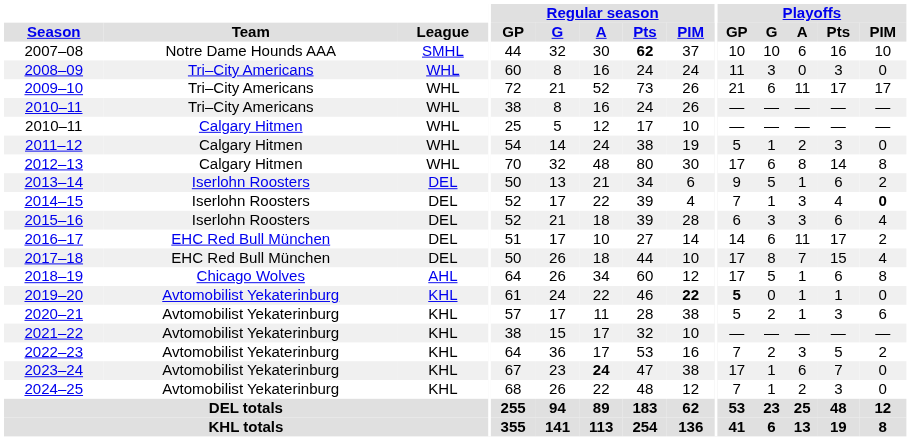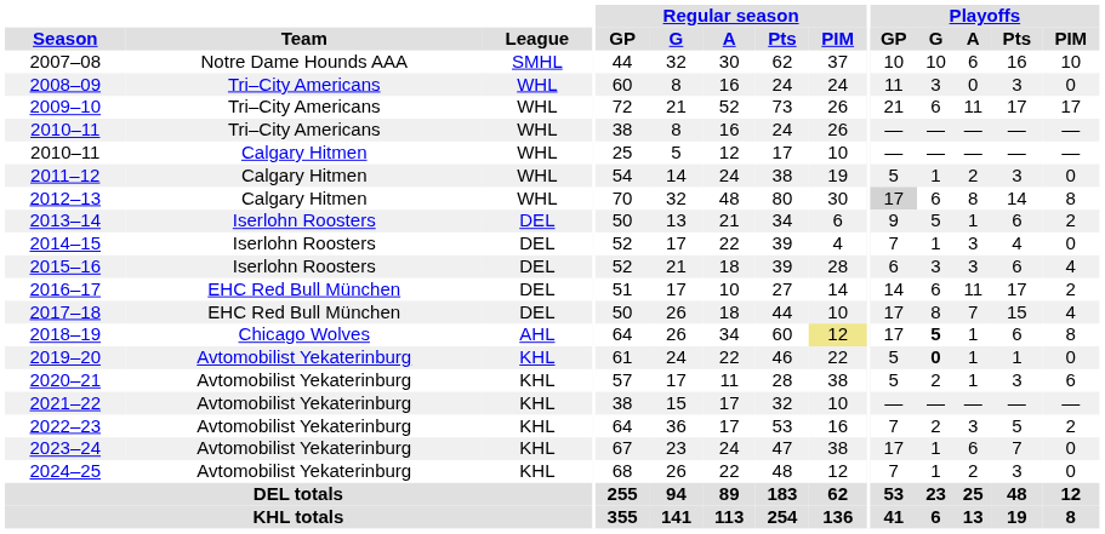 <table border="0" cellpadding="1" cellspacing="0" style="text-align:center; width:60em">
 <tr bgcolor="#e0e0e0">
 <th colspan="3" bgcolor="#ffffff"></th>
 <th rowspan="99" bgcolor="#ffffff"></th>
 <th colspan="5"><a href='#'>Regular season</a></th>
 <th rowspan="99" bgcolor="#ffffff"></th>
 <th colspan="5"><a href='#'>Playoffs</a></th>
 </tr>
 <tr bgcolor="#e0e0e0">
 <th><a href='#'>Season</a></th>
 <th>Team</th>
 <th>League</th>
 <th>GP</th>
 <th><a href='#'>G</a></th>
 <th><a href='#'>A</a></th>
 <th><a href='#'>Pts</a></th>
 <th><a href='#'>PIM</a></th>
 <th>GP</th>
 <th>G</th>
 <th>A</th>
 <th>Pts</th>
 <th>PIM</th>
 </tr>
 <tr>
 <td>2007–08</td>
 <td>Notre Dame Hounds AAA</td>
 <td><a href='#'>SMHL</a></td>
 <td>44</td>
 <td>32</td>
 <td>30</td>
-<td><strong>62</strong></td>
+<td>62</td>
 <td>37</td>
 <td>10</td>
 <td>10</td>
 <td>6</td>
 <td>16</td>
 <td>10</td>
 </tr>
 <tr bgcolor="#f0f0f0">
 <td><a href='#'>2008–09</a></td>
 <td><a href='#'>Tri–City Americans</a></td>
 <td><a href='#'>WHL</a></td>
 <td>60</td>
 <td>8</td>
 <td>16</td>
 <td>24</td>
 <td>24</td>
 <td>11</td>
 <td>3</td>
 <td>0</td>
 <td>3</td>
 <td>0</td>
 </tr>
 <tr>
 <td><a href='#'>2009–10</a></td>
 <td>Tri–City Americans</td>
 <td>WHL</td>
 <td>72</td>
 <td>21</td>
 <td>52</td>
 <td>73</td>
 <td>26</td>
 <td>21</td>
 <td>6</td>
 <td>11</td>
 <td>17</td>
 <td>17</td>
 </tr>
 <tr bgcolor="#f0f0f0">
 <td><a href='#'>2010–11</a></td>
 <td>Tri–City Americans</td>
 <td>WHL</td>
 <td>38</td>
 <td>8</td>
 <td>16</td>
 <td>24</td>
 <td>26</td>
 <td>—</td>
 <td>—</td>
 <td>—</td>
 <td>—</td>
 <td>—</td>
 </tr>
 <tr>
 <td>2010–11</td>
 <td><a href='#'>Calgary Hitmen</a></td>
 <td>WHL</td>
 <td>25</td>
 <td>5</td>
 <td>12</td>
 <td>17</td>
 <td>10</td>
 <td>—</td>
 <td>—</td>
 <td>—</td>
 <td>—</td>
 <td>—</td>
 </tr>
 <tr bgcolor="#f0f0f0">
 <td><a href='#'>2011–12</a></td>
 <td>Calgary Hitmen</td>
 <td>WHL</td>
 <td>54</td>
 <td>14</td>
 <td>24</td>
 <td>38</td>
 <td>19</td>
 <td>5</td>
 <td>1</td>
 <td>2</td>
 <td>3</td>
 <td>0</td>
 </tr>
 <tr>
 <td><a href='#'>2012–13</a></td>
 <td>Calgary Hitmen</td>
 <td>WHL</td>
 <td>70</td>
 <td>32</td>
 <td>48</td>
 <td>80</td>
 <td>30</td>
-<td>17</td>
+<td style="background: lightgrey;">17</td>
 <td>6</td>
 <td>8</td>
 <td>14</td>
 <td>8</td>
 </tr>
 <tr bgcolor="#f0f0f0">
 <td><a href='#'>2013–14</a></td>
 <td><a href='#'>Iserlohn Roosters</a></td>
 <td><a href='#'>DEL</a></td>
 <td>50</td>
 <td>13</td>
 <td>21</td>
 <td>34</td>
 <td>6</td>
 <td>9</td>
 <td>5</td>
 <td>1</td>
 <td>6</td>
 <td>2</td>
 </tr>
 <tr>
 <td><a href='#'>2014–15</a></td>
 <td>Iserlohn Roosters</td>
 <td>DEL</td>
 <td>52</td>
 <td>17</td>
 <td>22</td>
 <td>39</td>
 <td>4</td>
 <td>7</td>
 <td>1</td>
 <td>3</td>
 <td>4</td>
-<td><strong>0</strong></td>
+<td>0</td>
 </tr>
 <tr bgcolor="#f0f0f0">
 <td><a href='#'>2015–16</a></td>
 <td>Iserlohn Roosters</td>
 <td>DEL</td>
 <td>52</td>
 <td>21</td>
 <td>18</td>
 <td>39</td>
 <td>28</td>
 <td>6</td>
 <td>3</td>
 <td>3</td>
 <td>6</td>
 <td>4</td>
 </tr>
 <tr>
 <td><a href='#'>2016–17</a></td>
 <td><a href='#'>EHC Red Bull München</a></td>
 <td>DEL</td>
 <td>51</td>
 <td>17</td>
 <td>10</td>
 <td>27</td>
 <td>14</td>
 <td>14</td>
 <td>6</td>
 <td>11</td>
 <td>17</td>
 <td>2</td>
 </tr>
 <tr bgcolor="#f0f0f0">
 <td><a href='#'>2017–18</a></td>
 <td>EHC Red Bull München</td>
 <td>DEL</td>
 <td>50</td>
 <td>26</td>
 <td>18</td>
 <td>44</td>
 <td>10</td>
 <td>17</td>
 <td>8</td>
 <td>7</td>
 <td>15</td>
 <td>4</td>
 </tr>
 <tr>
 <td><a href='#'>2018–19</a></td>
 <td><a href='#'>Chicago Wolves</a></td>
 <td><a href='#'>AHL</a></td>
 <td>64</td>
 <td>26</td>
 <td>34</td>
 <td>60</td>
-<td>12</td>
+<td style="background: khaki;">12</td>
 <td>17</td>
-<td>5</td>
+<td><strong>5</strong></td>
 <td>1</td>
 <td>6</td>
 <td>8</td>
 </tr>
 <tr bgcolor="#f0f0f0">
 <td><a href='#'>2019–20</a></td>
 <td><a href='#'>Avtomobilist Yekaterinburg</a></td>
 <td><a href='#'>KHL</a></td>
 <td>61</td>
 <td>24</td>
 <td>22</td>
 <td>46</td>
-<td><strong>22</strong></td>
-<td><strong>5</strong></td>
-<td>0</td>
+<td>22</td>
+<td>5</td>
+<td><strong>0</strong></td>
 <td>1</td>
 <td>1</td>
 <td>0</td>
 </tr>
 <tr>
 <td><a href='#'>2020–21</a></td>
 <td>Avtomobilist Yekaterinburg</td>
 <td>KHL</td>
 <td>57</td>
 <td>17</td>
 <td>11</td>
 <td>28</td>
 <td>38</td>
 <td>5</td>
 <td>2</td>
 <td>1</td>
 <td>3</td>
 <td>6</td>
 </tr>
 <tr bgcolor="#f0f0f0">
 <td><a href='#'>2021–22</a></td>
 <td>Avtomobilist Yekaterinburg</td>
 <td>KHL</td>
 <td>38</td>
 <td>15</td>
 <td>17</td>
 <td>32</td>
 <td>10</td>
 <td>—</td>
 <td>—</td>
 <td>—</td>
 <td>—</td>
 <td>—</td>
 </tr>
 <tr>
 <td><a href='#'>2022–23</a></td>
 <td>Avtomobilist Yekaterinburg</td>
 <td>KHL</td>
 <td>64</td>
 <td>36</td>
 <td>17</td>
 <td>53</td>
 <td>16</td>
 <td>7</td>
 <td>2</td>
 <td>3</td>
 <td>5</td>
 <td>2</td>
 </tr>
 <tr bgcolor="#f0f0f0">
 <td><a href='#'>2023–24</a></td>
 <td>Avtomobilist Yekaterinburg</td>
 <td>KHL</td>
 <td>67</td>
 <td>23</td>
-<td><strong>24</strong></td>
+<td>24</td>
 <td>47</td>
 <td>38</td>
 <td>17</td>
 <td>1</td>
 <td>6</td>
 <td>7</td>
 <td>0</td>
 </tr>
 <tr>
 <td><a href='#'>2024–25</a></td>
 <td>Avtomobilist Yekaterinburg</td>
 <td>KHL</td>
 <td>68</td>
 <td>26</td>
 <td>22</td>
 <td>48</td>
 <td>12</td>
 <td>7</td>
 <td>1</td>
 <td>2</td>
 <td>3</td>
 <td>0</td>
 </tr>
 <tr bgcolor="#e0e0e0">
 <th colspan="3">DEL totals</th>
 <th>255</th>
 <th>94</th>
 <th>89</th>
 <th>183</th>
 <th>62</th>
 <th>53</th>
 <th>23</th>
 <th>25</th>
 <th>48</th>
 <th>12</th>
 </tr>
 <tr bgcolor="#e0e0e0">
 <th colspan="3">KHL totals</th>
 <th>355</th>
 <th>141</th>
 <th>113</th>
 <th>254</th>
 <th>136</th>
 <th>41</th>
 <th>6</th>
 <th>13</th>
 <th>19</th>
 <th>8</th>
 </tr>
 </table>
